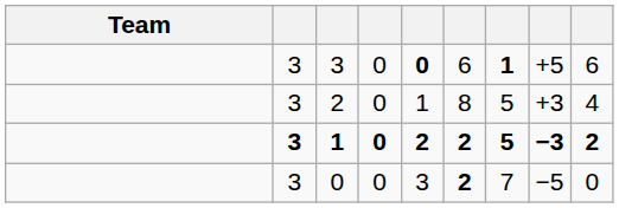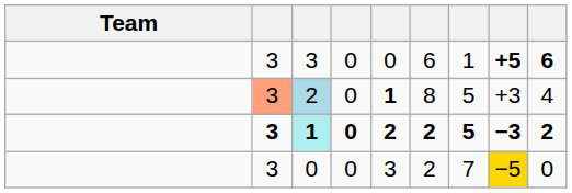 <table class="wikitable" style="text-align:center">
 <tr>
 <th width="165">Team</th>
 <th width="20"></th>
 <th width="20"></th>
 <th width="20"></th>
 <th width="20"></th>
 <th width="20"></th>
 <th width="20"></th>
 <th width="20"></th>
 <th width="20"></th>
 </tr>
 <tr align="center">
 <td align="left"></td>
 <td>3</td>
 <td>3</td>
 <td>0</td>
-<td><strong>0</strong></td>
+<td>0</td>
 <td>6</td>
-<td><strong>1</strong></td>
-<td>+5</td>
-<td>6</td>
+<td>1</td>
+<td><strong>+5</strong></td>
+<td><strong>6</strong></td>
 </tr>
 <tr align="center">
 <td align="left"></td>
-<td>3</td>
-<td>2</td>
+<td style="background: lightsalmon;">3</td>
+<td style="background: lightblue;">2</td>
 <td>0</td>
-<td>1</td>
+<td><strong>1</strong></td>
 <td>8</td>
 <td>5</td>
 <td>+3</td>
 <td>4</td>
 </tr>
 <tr align="center">
 <td align="left"><strong></strong></td>
 <td><strong>3</strong></td>
-<td><strong>1</strong></td>
+<td style="background: paleturquoise;"><strong>1</strong></td>
 <td><strong>0</strong></td>
 <td><strong>2</strong></td>
 <td><strong>2</strong></td>
 <td><strong>5</strong></td>
 <td><strong>−3</strong></td>
 <td><strong>2</strong></td>
 </tr>
 <tr align="center">
 <td align="left"></td>
 <td>3</td>
 <td>0</td>
 <td>0</td>
 <td>3</td>
-<td><strong>2</strong></td>
+<td>2</td>
 <td>7</td>
-<td>−5</td>
+<td style="background: gold;">−5</td>
 <td>0</td>
 </tr>
 </table>
